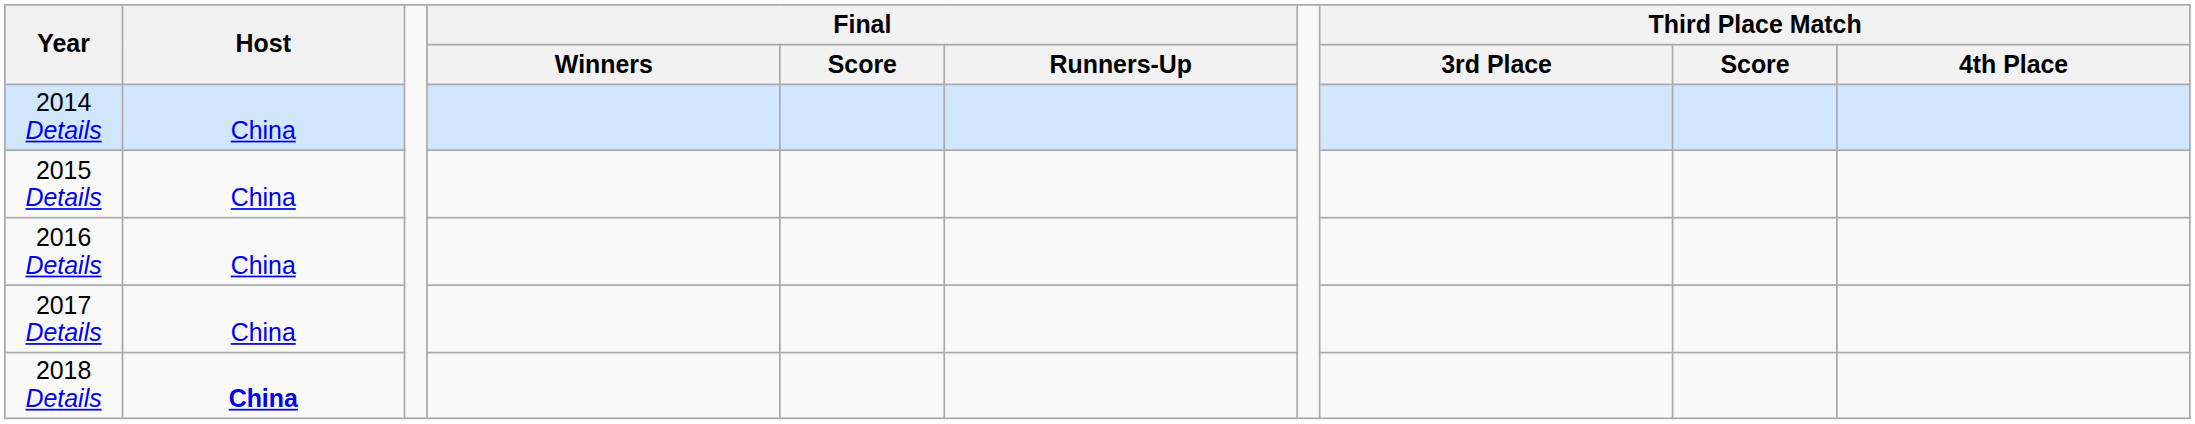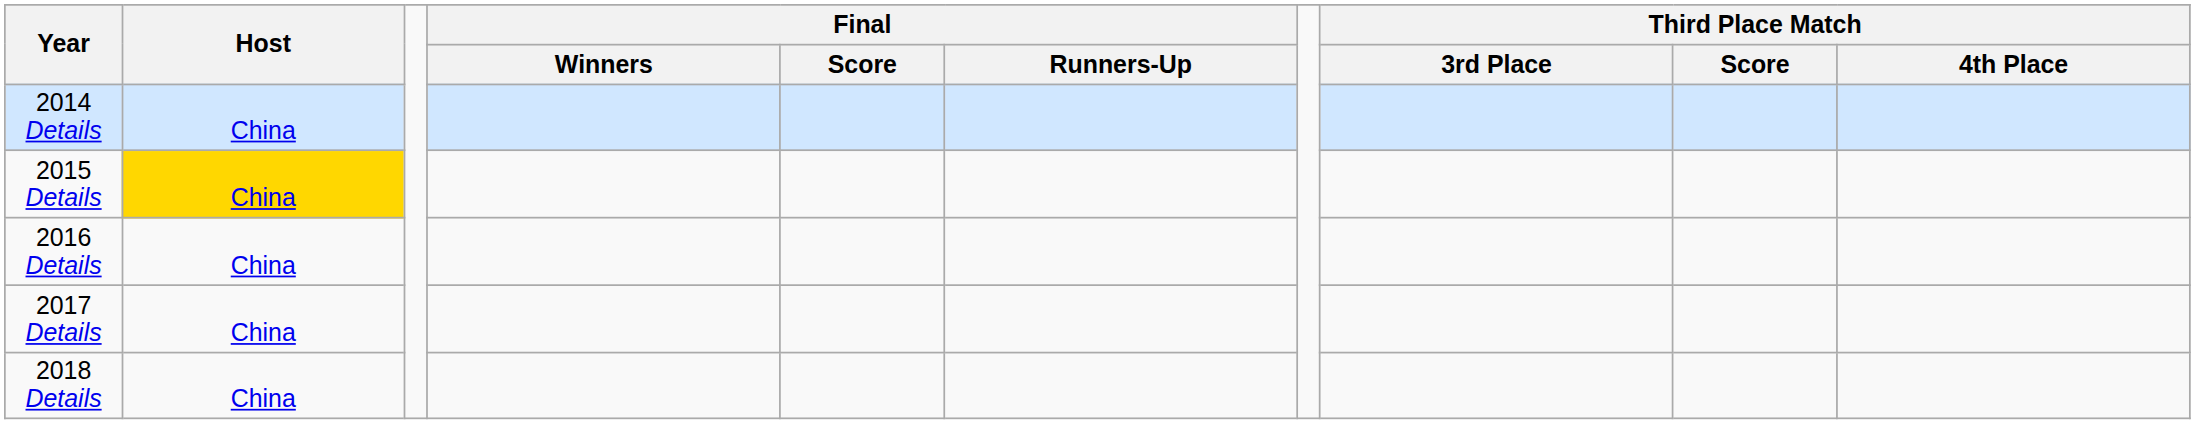 <table class="wikitable" style="font-size:90%; width: 100%; text-align: center;">
 <tr>
 <th rowspan="2" style="width:5%;">Year</th>
 <th rowspan="2" style="width:12%;">Host</th>
 <td style="width:1%;" rowspan="7"></td>
 <th colspan=3>Final</th>
 <td style="width:1%;" rowspan="7"></td>
 <th colspan=3>Third Place Match</th>
 </tr>
 <tr>
 <th width=15%>Winners</th>
 <th width=7%>Score</th>
 <th width=15%>Runners-Up</th>
 <th width=15%>3rd Place</th>
 <th width=7%>Score</th>
 <th width=15%>4th Place</th>
 </tr>
 <tr style="background:#d0e7ff;">
 <td>2014<br><em><a href='#'>Details</a></em></td>
 <td> <br> <a href='#'>China</a></td>
 <td><strong></strong></td>
 <td></td>
 <td></td>
 <td></td>
 <td></td>
 <td></td>
 </tr>
 <tr>
 <td>2015<br><em><a href='#'>Details</a></em></td>
-<td> <br> <a href='#'>China</a></td>
+<td style="background: gold;"> <br> <a href='#'>China</a></td>
 <td><strong></strong></td>
 <td></td>
 <td></td>
 <td></td>
 <td></td>
 <td></td>
 </tr>
 <tr>
 <td>2016<br><em><a href='#'>Details</a></em></td>
 <td> <br> <a href='#'>China</a></td>
 <td><strong></strong></td>
 <td></td>
 <td></td>
 <td></td>
 <td></td>
 <td></td>
 </tr>
 <tr>
 <td>2017<br><em><a href='#'>Details</a></em></td>
 <td> <br> <a href='#'>China</a></td>
 <td><strong></strong></td>
 <td></td>
 <td></td>
 <td></td>
 <td></td>
 <td></td>
 </tr>
 <tr>
 <td>2018<br><em><a href='#'>Details</a></em></td>
-<td><strong> <br> <a href='#'>China</a></strong></td>
+<td> <br> <a href='#'>China</a></td>
 <td><strong></strong></td>
 <td></td>
 <td></td>
 <td></td>
 <td></td>
 <td></td>
 </tr>
 </table>
